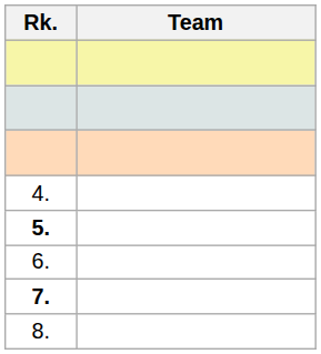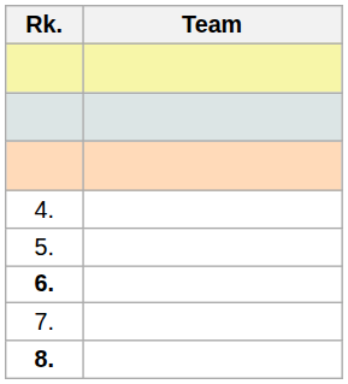 <table class="wikitable" style="border:1px solid #AAAAAA;font-size:90%">
 <tr bgcolor="#E4E4E4">
 <th style="border-bottom:1px solid #AAAAAA" width=40>Rk.</th>
 <th style="border-bottom:1px solid #AAAAAA" width=150>Team</th>
 </tr>
 <tr bgcolor="#F7F6A8">
 <td align="center" style="height:23px"></td>
 <td></td>
 </tr>
 <tr bgcolor="#DCE5E5">
 <td align="center" style="height:23px"></td>
 <td></td>
 </tr>
 <tr bgcolor="#FFDAB9">
 <td align="center" style="height:23px"></td>
 <td></td>
 </tr>
 <tr style="background:#ffffff;">
 <td align="center">4.</td>
 <td></td>
 </tr>
 <tr style="background:#ffffff;">
-<td align="center"><strong>5.</strong></td>
+<td align="center">5.</td>
 <td></td>
 </tr>
 <tr style="background:#ffffff;">
-<td align="center">6.</td>
+<td align="center"><strong>6.</strong></td>
 <td></td>
 </tr>
 <tr style="background:#ffffff;">
-<td align="center"><strong>7.</strong></td>
+<td align="center">7.</td>
 <td></td>
 </tr>
 <tr style="background:#ffffff;">
-<td align="center">8.</td>
+<td align="center"><strong>8.</strong></td>
 <td></td>
 </tr>
 </table>
